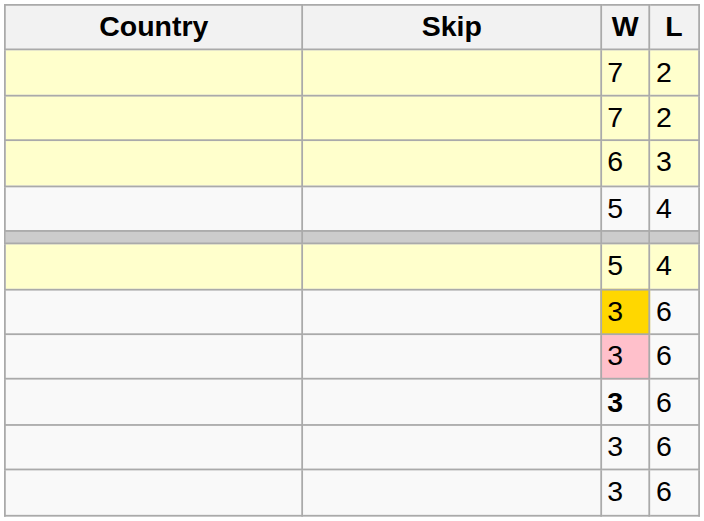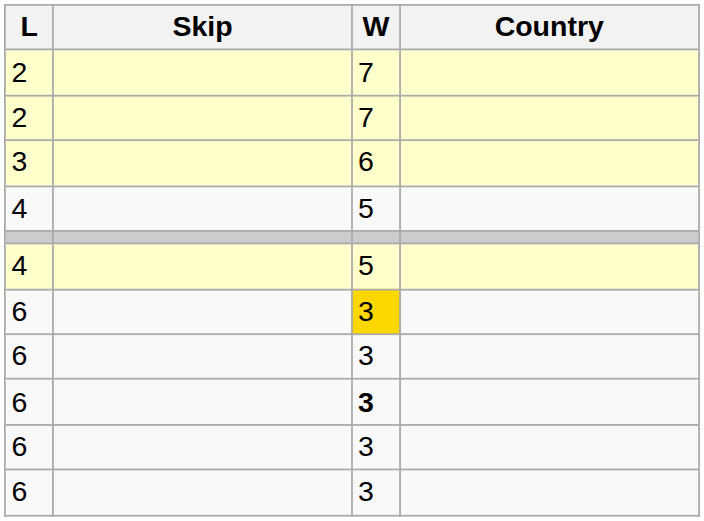 <table class="wikitable sortable">
 <tr>
-<th bgcolor="#efefef" width="160">Country</th>
+<th bgcolor="#efefef" width="20">L</th>
 <th bgcolor="#efefef" width="160">Skip</th>
 <th bgcolor="#efefef" width="20">W</th>
-<th bgcolor="#efefef" width="20">L</th>
+<th bgcolor="#efefef" width="160">Country</th>
 </tr>
 <tr bgcolor="#ffffcc">
-<td></td>
+<td>2</td>
 <td></td>
 <td>7</td>
-<td>2</td>
+<td></td>
 </tr>
 <tr bgcolor="#ffffcc">
-<td></td>
+<td>2</td>
 <td></td>
 <td>7</td>
-<td>2</td>
+<td></td>
 </tr>
 <tr bgcolor="#ffffcc">
-<td></td>
+<td>3</td>
 <td></td>
 <td>6</td>
-<td>3</td>
+<td></td>
 </tr>
 <tr>
-<td></td>
+<td>4</td>
 <td></td>
 <td>5</td>
-<td>4</td>
+<td></td>
 </tr>
 <tr bgcolor="#cccccc" >
 <td></td>
 <td></td>
 <td></td>
 <td></td>
 </tr>
 <tr bgcolor="#ffffcc">
-<td></td>
+<td>4</td>
 <td></td>
 <td>5</td>
-<td>4</td>
+<td></td>
 </tr>
 <tr>
-<td></td>
+<td>6</td>
 <td></td>
 <td style="background: gold;">3</td>
-<td>6</td>
+<td></td>
 </tr>
 <tr>
+<td>6</td>
 <td></td>
+<td>3</td>
 <td></td>
-<td style="background: pink;">3</td>
-<td>6</td>
 </tr>
 <tr>
-<td></td>
+<td>6</td>
 <td></td>
 <td><strong>3</strong></td>
-<td>6</td>
+<td></td>
 </tr>
 <tr>
-<td></td>
+<td>6</td>
 <td></td>
 <td>3</td>
-<td>6</td>
+<td></td>
 </tr>
 <tr>
-<td></td>
+<td>6</td>
 <td></td>
 <td>3</td>
-<td>6</td>
+<td></td>
 </tr>
 </table>
